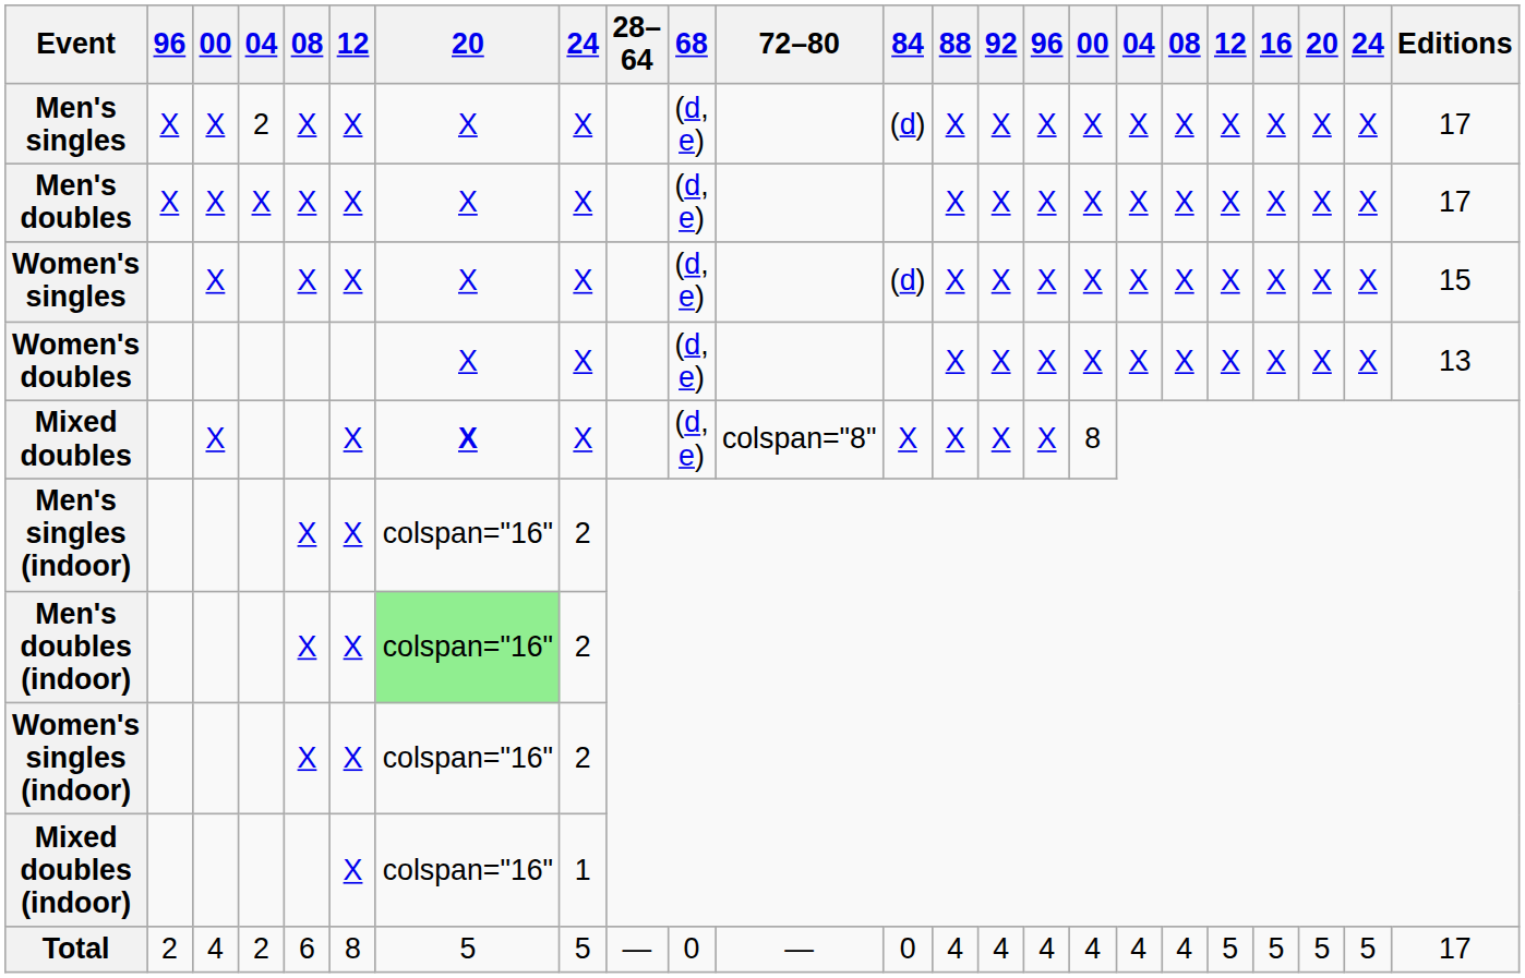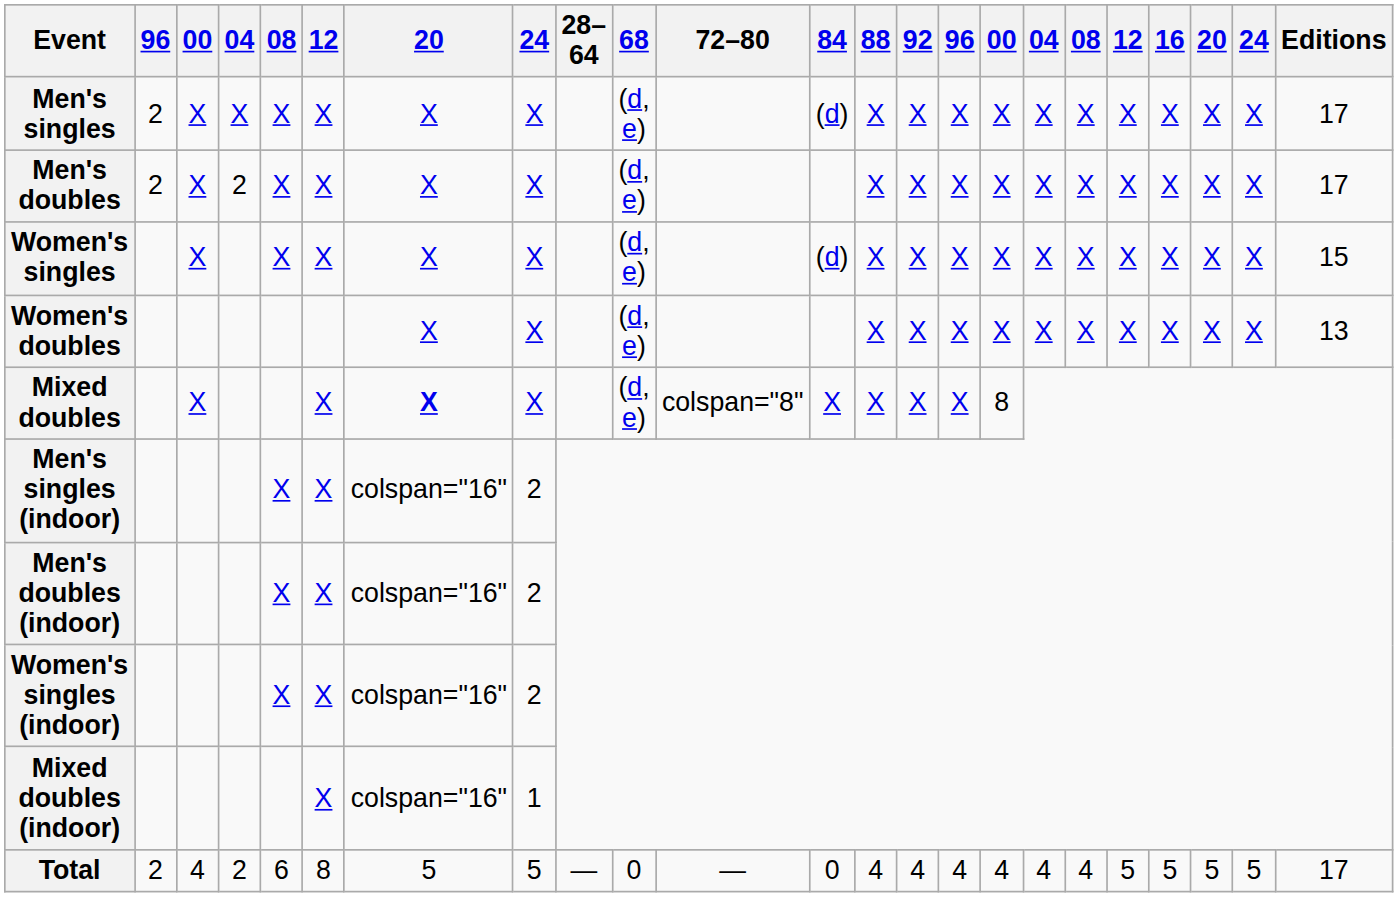 <table class="wikitable plainrowheaders sticky-header" style="text-align:center;">
 <tr>
 <th scope="col">Event</th>
 <th scope="col"><a href='#'>96</a></th>
 <th scope="col"><a href='#'>00</a></th>
 <th scope="col"><a href='#'>04</a></th>
 <th scope="col"><a href='#'>08</a></th>
 <th scope="col"><a href='#'>12</a></th>
 <th scope="col"><a href='#'>20</a></th>
 <th scope="col"><a href='#'>24</a></th>
 <th scope="col">28–64</th>
 <th scope="col"><a href='#'>68</a></th>
 <th scope="col">72–80</th>
 <th scope="col"><a href='#'>84</a></th>
 <th scope="col"><a href='#'>88</a></th>
 <th scope="col"><a href='#'>92</a></th>
 <th scope="col"><a href='#'>96</a></th>
 <th scope="col"><a href='#'>00</a></th>
 <th scope="col"><a href='#'>04</a></th>
 <th scope="col"><a href='#'>08</a></th>
 <th scope="col"><a href='#'>12</a></th>
 <th scope="col"><a href='#'>16</a></th>
 <th scope="col"><a href='#'>20</a></th>
 <th scope="col"><a href='#'>24</a></th>
 <th scope="col">Editions</th>
 </tr>
 <tr>
 <th scope="row">Men's singles</th>
+<td>2</td>
 <td><a href='#'>X</a></td>
 <td><a href='#'>X</a></td>
-<td>2</td>
 <td><a href='#'>X</a></td>
 <td><a href='#'>X</a></td>
 <td><a href='#'>X</a></td>
 <td><a href='#'>X</a></td>
 <td></td>
 <td>(<a href='#'>d</a>, <a href='#'>e</a>)</td>
 <td></td>
 <td>(<a href='#'>d</a>)</td>
 <td><a href='#'>X</a></td>
 <td><a href='#'>X</a></td>
 <td><a href='#'>X</a></td>
 <td><a href='#'>X</a></td>
 <td><a href='#'>X</a></td>
 <td><a href='#'>X</a></td>
 <td><a href='#'>X</a></td>
 <td><a href='#'>X</a></td>
 <td><a href='#'>X</a></td>
 <td><a href='#'>X</a></td>
 <td>17</td>
 </tr>
 <tr>
 <th scope="row">Men's doubles</th>
+<td>2</td>
 <td><a href='#'>X</a></td>
-<td><a href='#'>X</a></td>
-<td><a href='#'>X</a></td>
+<td>2</td>
 <td><a href='#'>X</a></td>
 <td><a href='#'>X</a></td>
 <td><a href='#'>X</a></td>
 <td><a href='#'>X</a></td>
 <td></td>
 <td>(<a href='#'>d</a>, <a href='#'>e</a>)</td>
 <td></td>
 <td></td>
 <td><a href='#'>X</a></td>
 <td><a href='#'>X</a></td>
 <td><a href='#'>X</a></td>
 <td><a href='#'>X</a></td>
 <td><a href='#'>X</a></td>
 <td><a href='#'>X</a></td>
 <td><a href='#'>X</a></td>
 <td><a href='#'>X</a></td>
 <td><a href='#'>X</a></td>
 <td><a href='#'>X</a></td>
 <td>17</td>
 </tr>
 <tr>
 <th scope="row">Women's singles</th>
 <td></td>
 <td><a href='#'>X</a></td>
 <td></td>
 <td><a href='#'>X</a></td>
 <td><a href='#'>X</a></td>
 <td><a href='#'>X</a></td>
 <td><a href='#'>X</a></td>
 <td></td>
 <td>(<a href='#'>d</a>, <a href='#'>e</a>)</td>
 <td></td>
 <td>(<a href='#'>d</a>)</td>
 <td><a href='#'>X</a></td>
 <td><a href='#'>X</a></td>
 <td><a href='#'>X</a></td>
 <td><a href='#'>X</a></td>
 <td><a href='#'>X</a></td>
 <td><a href='#'>X</a></td>
 <td><a href='#'>X</a></td>
 <td><a href='#'>X</a></td>
 <td><a href='#'>X</a></td>
 <td><a href='#'>X</a></td>
 <td>15</td>
 </tr>
 <tr>
 <th scope="row">Women's doubles</th>
 <td></td>
 <td></td>
 <td></td>
 <td></td>
 <td></td>
 <td><a href='#'>X</a></td>
 <td><a href='#'>X</a></td>
 <td></td>
 <td>(<a href='#'>d</a>, <a href='#'>e</a>)</td>
 <td></td>
 <td></td>
 <td><a href='#'>X</a></td>
 <td><a href='#'>X</a></td>
 <td><a href='#'>X</a></td>
 <td><a href='#'>X</a></td>
 <td><a href='#'>X</a></td>
 <td><a href='#'>X</a></td>
 <td><a href='#'>X</a></td>
 <td><a href='#'>X</a></td>
 <td><a href='#'>X</a></td>
 <td><a href='#'>X</a></td>
 <td>13</td>
 </tr>
 <tr>
 <th scope="row">Mixed doubles</th>
 <td></td>
 <td><a href='#'>X</a></td>
 <td></td>
 <td></td>
 <td><a href='#'>X</a></td>
 <td><strong><a href='#'>X</a></strong></td>
 <td><a href='#'>X</a></td>
 <td></td>
 <td>(<a href='#'>d</a>, <a href='#'>e</a>)</td>
 <td>colspan="8"</td>
 <td><a href='#'>X</a></td>
 <td><a href='#'>X</a></td>
 <td><a href='#'>X</a></td>
 <td><a href='#'>X</a></td>
 <td>8</td>
 </tr>
 <tr>
 <th scope="row">Men's singles (indoor)</th>
 <td></td>
 <td></td>
 <td></td>
 <td><a href='#'>X</a></td>
 <td><a href='#'>X</a></td>
 <td>colspan="16"</td>
 <td>2</td>
 </tr>
 <tr>
 <th scope="row">Men's doubles (indoor)</th>
 <td></td>
 <td></td>
 <td></td>
 <td><a href='#'>X</a></td>
 <td><a href='#'>X</a></td>
-<td style="background: lightgreen;">colspan="16"</td>
+<td>colspan="16"</td>
 <td>2</td>
 </tr>
 <tr>
 <th scope="row">Women's singles (indoor)</th>
 <td></td>
 <td></td>
 <td></td>
 <td><a href='#'>X</a></td>
 <td><a href='#'>X</a></td>
 <td>colspan="16"</td>
 <td>2</td>
 </tr>
 <tr>
 <th scope="row">Mixed doubles (indoor)</th>
 <td></td>
 <td></td>
 <td></td>
 <td></td>
 <td><a href='#'>X</a></td>
 <td>colspan="16"</td>
 <td>1</td>
 </tr>
 <tr>
 <th scope="row"><strong>Total</strong></th>
 <td>2</td>
 <td>4</td>
 <td>2</td>
 <td>6</td>
 <td>8</td>
 <td>5</td>
 <td>5</td>
 <td>—</td>
 <td>0</td>
 <td>—</td>
 <td>0</td>
 <td>4</td>
 <td>4</td>
 <td>4</td>
 <td>4</td>
 <td>4</td>
 <td>4</td>
 <td>5</td>
 <td>5</td>
 <td>5</td>
 <td>5</td>
 <td>17</td>
 </tr>
 </table>
